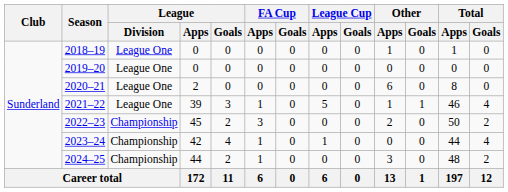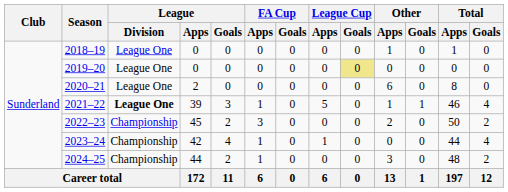 <table class=wikitable style="text-align: center;">
 <tr>
 <th rowspan=2>Club</th>
 <th rowspan=2>Season</th>
 <th colspan=3>League</th>
 <th colspan=2><a href='#'>FA Cup</a></th>
 <th colspan=2><a href='#'>League Cup</a></th>
 <th colspan=2>Other</th>
 <th colspan=2>Total</th>
 </tr>
 <tr>
 <th>Division</th>
 <th>Apps</th>
 <th>Goals</th>
 <th>Apps</th>
 <th>Goals</th>
 <th>Apps</th>
 <th>Goals</th>
 <th>Apps</th>
 <th>Goals</th>
 <th>Apps</th>
 <th>Goals</th>
 </tr>
 <tr>
 <td rowspan=7><a href='#'>Sunderland</a></td>
 <td><a href='#'>2018–19</a></td>
 <td><a href='#'>League One</a></td>
 <td>0</td>
 <td>0</td>
 <td>0</td>
 <td>0</td>
 <td>0</td>
 <td>0</td>
 <td>1</td>
 <td>0</td>
 <td>1</td>
 <td>0</td>
 </tr>
 <tr>
 <td><a href='#'>2019–20</a></td>
 <td>League One</td>
 <td>0</td>
 <td>0</td>
 <td>0</td>
 <td>0</td>
 <td>0</td>
-<td>0</td>
+<td style="background: khaki;">0</td>
 <td>0</td>
 <td>0</td>
 <td>0</td>
 <td>0</td>
 </tr>
 <tr>
 <td><a href='#'>2020–21</a></td>
 <td>League One</td>
 <td>2</td>
 <td>0</td>
 <td>0</td>
 <td>0</td>
 <td>0</td>
 <td>0</td>
 <td>6</td>
 <td>0</td>
 <td>8</td>
 <td>0</td>
 </tr>
 <tr>
 <td><a href='#'>2021–22</a></td>
-<td>League One</td>
+<td><strong>League One</strong></td>
 <td>39</td>
 <td>3</td>
 <td>1</td>
 <td>0</td>
 <td>5</td>
 <td>0</td>
 <td>1</td>
 <td>1</td>
 <td>46</td>
 <td>4</td>
 </tr>
 <tr>
 <td><a href='#'>2022–23</a></td>
 <td><a href='#'>Championship</a></td>
 <td>45</td>
 <td>2</td>
 <td>3</td>
 <td>0</td>
 <td>0</td>
 <td>0</td>
 <td>2</td>
 <td>0</td>
 <td>50</td>
 <td>2</td>
 </tr>
 <tr>
 <td><a href='#'>2023–24</a></td>
 <td>Championship</td>
 <td>42</td>
 <td>4</td>
 <td>1</td>
 <td>0</td>
 <td>1</td>
 <td>0</td>
 <td>0</td>
 <td>0</td>
 <td>44</td>
 <td>4</td>
 </tr>
 <tr>
 <td><a href='#'>2024–25</a></td>
 <td>Championship</td>
 <td>44</td>
 <td>2</td>
 <td>1</td>
 <td>0</td>
 <td>0</td>
 <td>0</td>
 <td>3</td>
 <td>0</td>
 <td>48</td>
 <td>2</td>
 </tr>
 <tr>
 <th colspan=3>Career total</th>
 <th>172</th>
 <th>11</th>
 <th>6</th>
 <th>0</th>
 <th>6</th>
 <th>0</th>
 <th>13</th>
 <th>1</th>
 <th>197</th>
 <th>12</th>
 </tr>
 </table>
